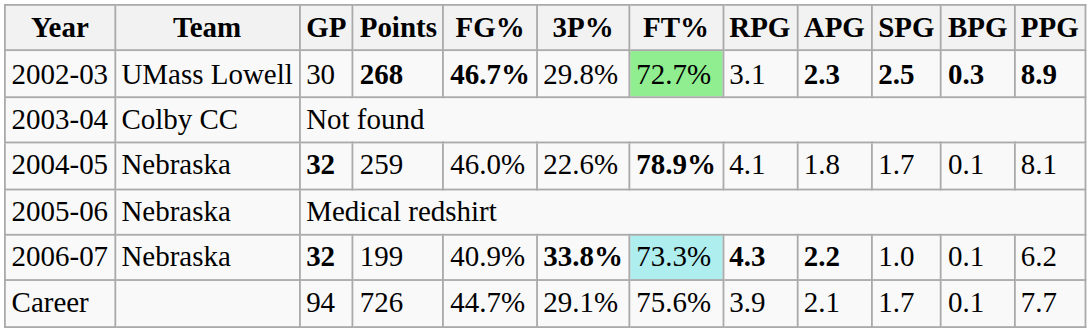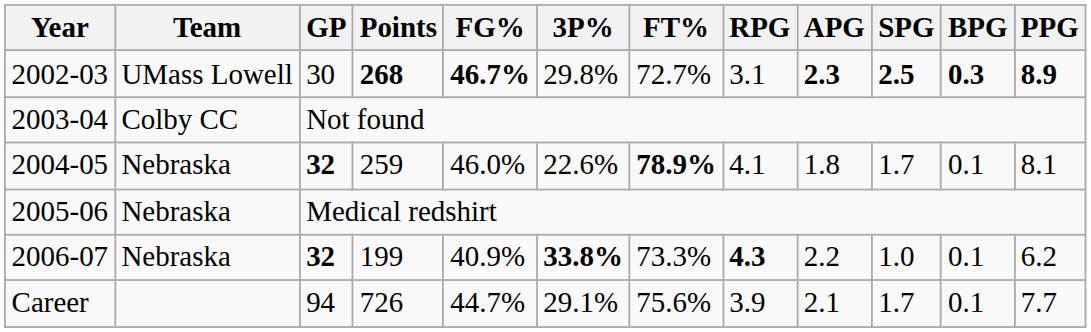 <table class="wikitable">
 <tr>
 <th>Year</th>
 <th>Team</th>
 <th>GP</th>
 <th>Points</th>
 <th>FG%</th>
 <th>3P%</th>
 <th>FT%</th>
 <th>RPG</th>
 <th>APG</th>
 <th>SPG</th>
 <th>BPG</th>
 <th>PPG</th>
 </tr>
 <tr>
 <td>2002-03</td>
 <td>UMass Lowell</td>
 <td>30</td>
 <td><strong>268</strong></td>
 <td><strong>46.7%</strong></td>
 <td>29.8%</td>
-<td style="background: lightgreen;">72.7%</td>
+<td>72.7%</td>
 <td>3.1</td>
 <td><strong>2.3</strong></td>
 <td><strong>2.5</strong></td>
 <td><strong>0.3</strong></td>
 <td><strong>8.9</strong></td>
 </tr>
 <tr>
 <td>2003-04</td>
 <td>Colby CC</td>
 <td colspan="10">Not found</td>
 </tr>
 <tr>
 <td>2004-05</td>
 <td>Nebraska</td>
 <td><strong>32</strong></td>
 <td>259</td>
 <td>46.0%</td>
 <td>22.6%</td>
 <td><strong>78.9%</strong></td>
 <td>4.1</td>
 <td>1.8</td>
 <td>1.7</td>
 <td>0.1</td>
 <td>8.1</td>
 </tr>
 <tr>
 <td>2005-06</td>
 <td>Nebraska</td>
 <td colspan="10">Medical redshirt</td>
 </tr>
 <tr>
 <td>2006-07</td>
 <td>Nebraska</td>
 <td><strong>32</strong></td>
 <td>199</td>
 <td>40.9%</td>
 <td><strong>33.8%</strong></td>
-<td style="background: paleturquoise;">73.3%</td>
+<td>73.3%</td>
 <td><strong>4.3</strong></td>
-<td><strong>2.2</strong></td>
+<td>2.2</td>
 <td>1.0</td>
 <td>0.1</td>
 <td>6.2</td>
 </tr>
 <tr>
 <td>Career</td>
 <td></td>
 <td>94</td>
 <td>726</td>
 <td>44.7%</td>
 <td>29.1%</td>
 <td>75.6%</td>
 <td>3.9</td>
 <td>2.1</td>
 <td>1.7</td>
 <td>0.1</td>
 <td>7.7</td>
 </tr>
 </table>
